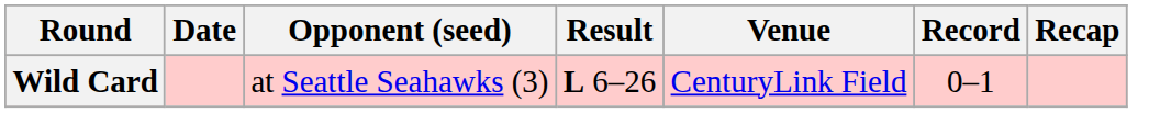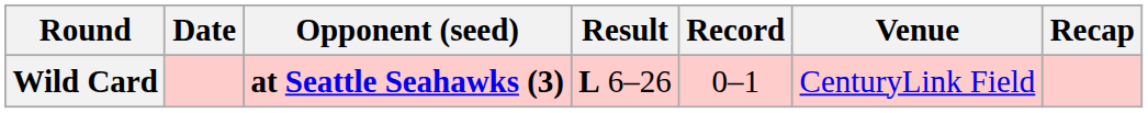 <table class="wikitable" style="text-align:center">
 <tr>
 <th>Round</th>
 <th>Date</th>
 <th>Opponent (seed)</th>
 <th>Result</th>
+<th>Record</th>
 <th>Venue</th>
-<th>Record</th>
 <th>Recap</th>
 </tr>
 <tr style="background:#fcc">
 <th>Wild Card</th>
 <td></td>
-<td>at <a href='#'>Seattle Seahawks</a> (3)</td>
+<td><strong>at <a href='#'>Seattle Seahawks</a> (3)</strong></td>
 <td><strong>L</strong> 6–26</td>
+<td>0–1</td>
 <td><a href='#'>CenturyLink Field</a></td>
-<td>0–1</td>
 <td></td>
 </tr>
 </table>
